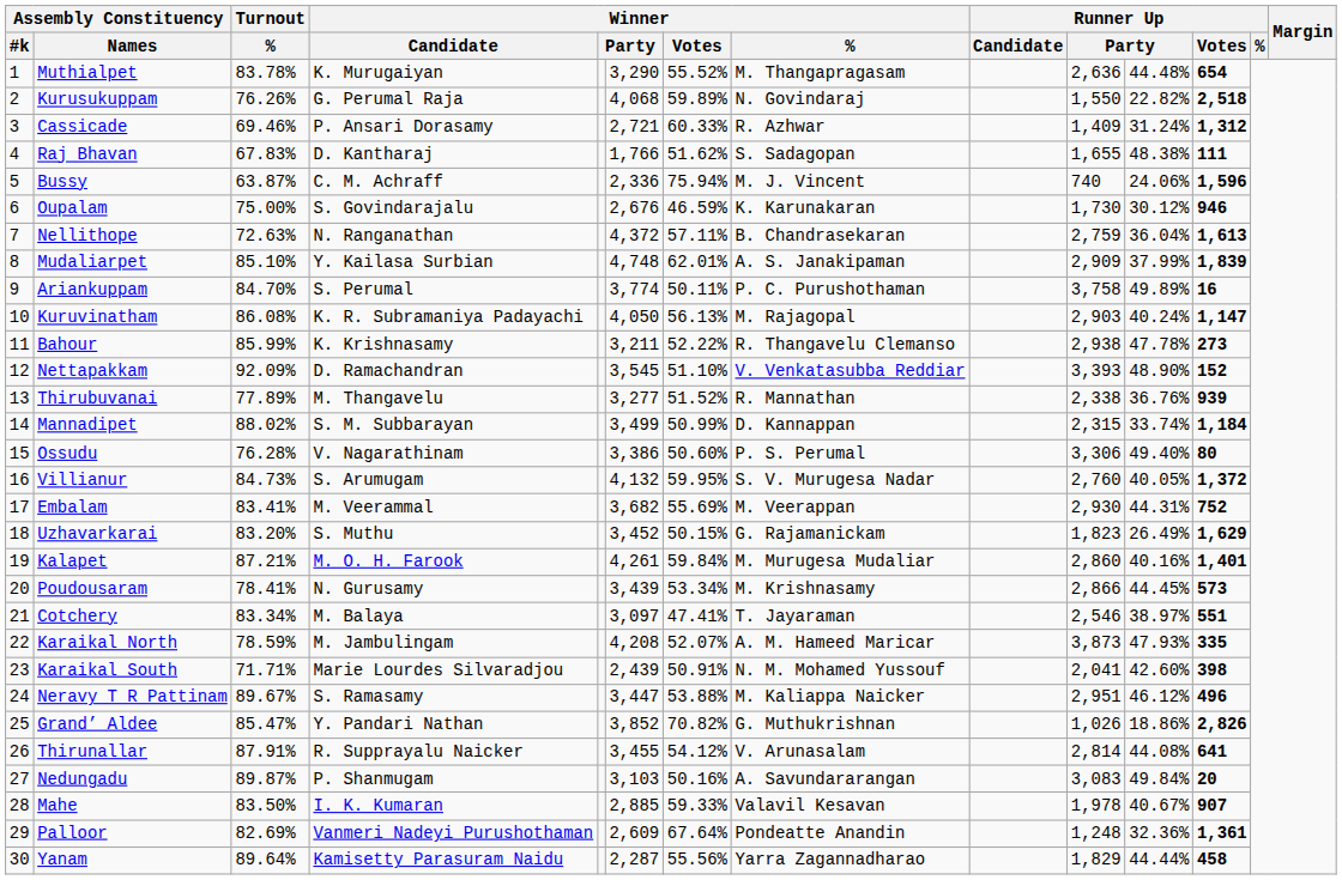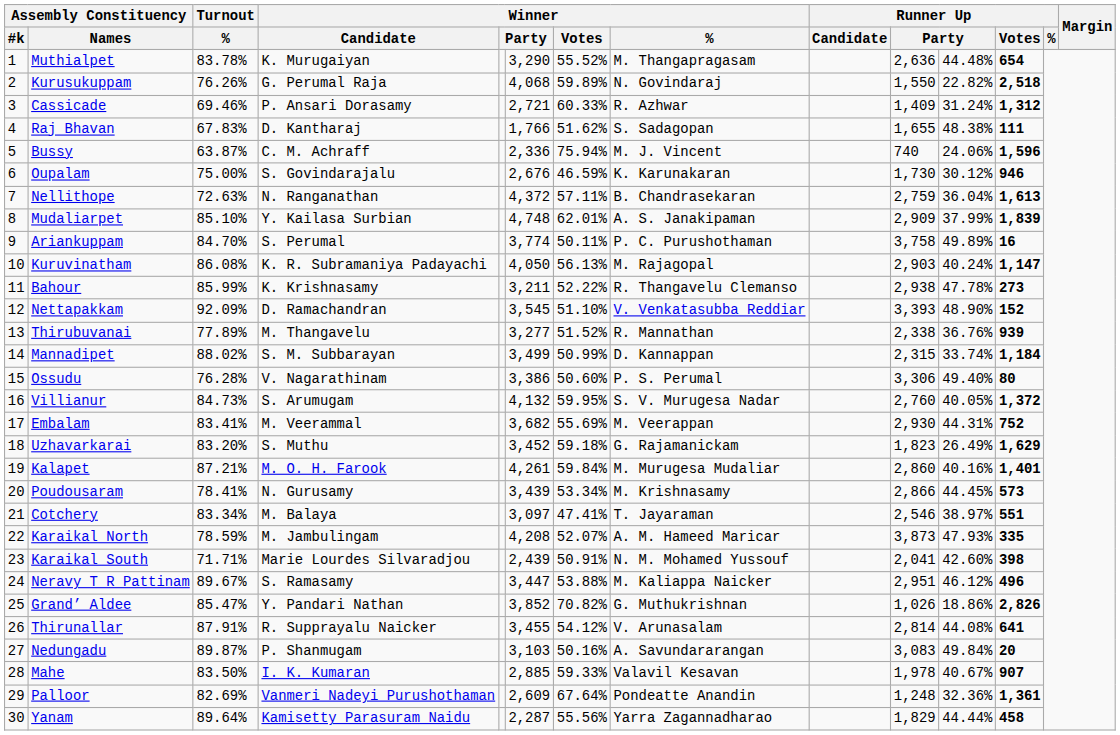 <table class="wikitable sortable">
 <tr>
 <th colspan="2">Assembly Constituency</th>
 <th>Turnout</th>
 <th colspan="5">Winner</th>
 <th colspan="5">Runner Up</th>
 <th rowspan="2" data-sort-type=number>Margin</th>
 </tr>
 <tr>
 <th>#k</th>
 <th>Names</th>
 <th>%</th>
 <th>Candidate</th>
 <th colspan="2">Party</th>
 <th data-sort-type=number>Votes</th>
 <th>%</th>
 <th>Candidate</th>
 <th colspan="2">Party</th>
 <th data-sort-type=number>Votes</th>
 <th>%</th>
 </tr>
 <tr>
 <td>1</td>
 <td><a href='#'>Muthialpet</a></td>
 <td>83.78%</td>
 <td>K. Murugaiyan</td>
 <td></td>
 <td>3,290</td>
 <td>55.52%</td>
 <td>M. Thangapragasam</td>
 <td></td>
 <td>2,636</td>
 <td>44.48%</td>
 <td style="background:"><span><strong>654</strong></span></td>
 </tr>
 <tr>
 <td>2</td>
 <td><a href='#'>Kurusukuppam</a></td>
 <td>76.26%</td>
 <td>G. Perumal Raja</td>
 <td></td>
 <td>4,068</td>
 <td>59.89%</td>
 <td>N. Govindaraj</td>
 <td></td>
 <td>1,550</td>
 <td>22.82%</td>
 <td style="background:"><span><strong>2,518</strong></span></td>
 </tr>
 <tr>
 <td>3</td>
 <td><a href='#'>Cassicade</a></td>
 <td>69.46%</td>
 <td>P. Ansari Dorasamy</td>
 <td></td>
 <td>2,721</td>
 <td>60.33%</td>
 <td>R. Azhwar</td>
 <td></td>
 <td>1,409</td>
 <td>31.24%</td>
 <td style="background:"><span><strong>1,312</strong></span></td>
 </tr>
 <tr>
 <td>4</td>
 <td><a href='#'>Raj Bhavan</a></td>
 <td>67.83%</td>
 <td>D. Kantharaj</td>
 <td></td>
 <td>1,766</td>
 <td>51.62%</td>
 <td>S. Sadagopan</td>
 <td></td>
 <td>1,655</td>
 <td>48.38%</td>
 <td style="background:"><span><strong>111</strong></span></td>
 </tr>
 <tr>
 <td>5</td>
 <td><a href='#'>Bussy</a></td>
 <td>63.87%</td>
 <td>C. M. Achraff</td>
 <td></td>
 <td>2,336</td>
 <td>75.94%</td>
 <td>M. J. Vincent</td>
 <td></td>
 <td>740</td>
 <td>24.06%</td>
 <td style="background:"><span><strong>1,596</strong></span></td>
 </tr>
 <tr>
 <td>6</td>
 <td><a href='#'>Oupalam</a></td>
 <td>75.00%</td>
 <td>S. Govindarajalu</td>
 <td></td>
 <td>2,676</td>
 <td>46.59%</td>
 <td>K. Karunakaran</td>
 <td></td>
 <td>1,730</td>
 <td>30.12%</td>
 <td style="background:"><span><strong>946</strong></span></td>
 </tr>
 <tr>
 <td>7</td>
 <td><a href='#'>Nellithope</a></td>
 <td>72.63%</td>
 <td>N. Ranganathan</td>
 <td></td>
 <td>4,372</td>
 <td>57.11%</td>
 <td>B. Chandrasekaran</td>
 <td></td>
 <td>2,759</td>
 <td>36.04%</td>
 <td style="background:"><span><strong>1,613</strong></span></td>
 </tr>
 <tr>
 <td>8</td>
 <td><a href='#'>Mudaliarpet</a></td>
 <td>85.10%</td>
 <td>Y. Kailasa Surbian</td>
 <td></td>
 <td>4,748</td>
 <td>62.01%</td>
 <td>A. S. Janakipaman</td>
 <td></td>
 <td>2,909</td>
 <td>37.99%</td>
 <td style="background:"><span><strong>1,839</strong></span></td>
 </tr>
 <tr>
 <td>9</td>
 <td><a href='#'>Ariankuppam</a></td>
 <td>84.70%</td>
 <td>S. Perumal</td>
 <td></td>
 <td>3,774</td>
 <td>50.11%</td>
 <td>P. C. Purushothaman</td>
 <td></td>
 <td>3,758</td>
 <td>49.89%</td>
 <td style="background:"><span><strong>16</strong></span></td>
 </tr>
 <tr>
 <td>10</td>
 <td><a href='#'>Kuruvinatham</a></td>
 <td>86.08%</td>
 <td>K. R. Subramaniya Padayachi</td>
 <td></td>
 <td>4,050</td>
 <td>56.13%</td>
 <td>M. Rajagopal</td>
 <td></td>
 <td>2,903</td>
 <td>40.24%</td>
 <td style="background:"><span><strong>1,147</strong></span></td>
 </tr>
 <tr>
 <td>11</td>
 <td><a href='#'>Bahour</a></td>
 <td>85.99%</td>
 <td>K. Krishnasamy</td>
 <td></td>
 <td>3,211</td>
 <td>52.22%</td>
 <td>R. Thangavelu Clemanso</td>
 <td></td>
 <td>2,938</td>
 <td>47.78%</td>
 <td style="background:"><span><strong>273</strong></span></td>
 </tr>
 <tr>
 <td>12</td>
 <td><a href='#'>Nettapakkam</a></td>
 <td>92.09%</td>
 <td>D. Ramachandran</td>
 <td></td>
 <td>3,545</td>
 <td>51.10%</td>
 <td><a href='#'>V. Venkatasubba Reddiar</a></td>
 <td></td>
 <td>3,393</td>
 <td>48.90%</td>
 <td style="background:"><span><strong>152</strong></span></td>
 </tr>
 <tr>
 <td>13</td>
 <td><a href='#'>Thirubuvanai</a></td>
 <td>77.89%</td>
 <td>M. Thangavelu</td>
 <td></td>
 <td>3,277</td>
 <td>51.52%</td>
 <td>R. Mannathan</td>
 <td></td>
 <td>2,338</td>
 <td>36.76%</td>
 <td style="background:"><span><strong>939</strong></span></td>
 </tr>
 <tr>
 <td>14</td>
 <td><a href='#'>Mannadipet</a></td>
 <td>88.02%</td>
 <td>S. M. Subbarayan</td>
 <td></td>
 <td>3,499</td>
 <td>50.99%</td>
 <td>D. Kannappan</td>
 <td></td>
 <td>2,315</td>
 <td>33.74%</td>
 <td style="background:"><span><strong>1,184</strong></span></td>
 </tr>
 <tr>
 <td>15</td>
 <td><a href='#'>Ossudu</a></td>
 <td>76.28%</td>
 <td>V. Nagarathinam</td>
 <td></td>
 <td>3,386</td>
 <td>50.60%</td>
 <td>P. S. Perumal</td>
 <td></td>
 <td>3,306</td>
 <td>49.40%</td>
 <td style="background:"><span><strong>80</strong></span></td>
 </tr>
 <tr>
 <td>16</td>
 <td><a href='#'>Villianur</a></td>
 <td>84.73%</td>
 <td>S. Arumugam</td>
 <td></td>
 <td>4,132</td>
 <td>59.95%</td>
 <td>S. V. Murugesa Nadar</td>
 <td></td>
 <td>2,760</td>
 <td>40.05%</td>
 <td style="background:"><span><strong>1,372</strong></span></td>
 </tr>
 <tr>
 <td>17</td>
 <td><a href='#'>Embalam</a></td>
 <td>83.41%</td>
 <td>M. Veerammal</td>
 <td></td>
 <td>3,682</td>
 <td>55.69%</td>
 <td>M. Veerappan</td>
 <td></td>
 <td>2,930</td>
 <td>44.31%</td>
 <td style="background:"><span><strong>752</strong></span></td>
 </tr>
 <tr>
 <td>18</td>
 <td><a href='#'>Uzhavarkarai</a></td>
 <td>83.20%</td>
 <td>S. Muthu</td>
 <td></td>
 <td>3,452</td>
-<td>50.15%</td>
+<td>59.18%</td>
 <td>G. Rajamanickam</td>
 <td></td>
 <td>1,823</td>
 <td>26.49%</td>
 <td style="background:"><span><strong>1,629</strong></span></td>
 </tr>
 <tr>
 <td>19</td>
 <td><a href='#'>Kalapet</a></td>
 <td>87.21%</td>
 <td><a href='#'>M. O. H. Farook</a></td>
 <td></td>
 <td>4,261</td>
 <td>59.84%</td>
 <td>M. Murugesa Mudaliar</td>
 <td></td>
 <td>2,860</td>
 <td>40.16%</td>
 <td style="background:"><span><strong>1,401</strong></span></td>
 </tr>
 <tr>
 <td>20</td>
 <td><a href='#'>Poudousaram</a></td>
 <td>78.41%</td>
 <td>N. Gurusamy</td>
 <td></td>
 <td>3,439</td>
 <td>53.34%</td>
 <td>M. Krishnasamy</td>
 <td></td>
 <td>2,866</td>
 <td>44.45%</td>
 <td style="background:"><span><strong>573</strong></span></td>
 </tr>
 <tr>
 <td>21</td>
 <td><a href='#'>Cotchery</a></td>
 <td>83.34%</td>
 <td>M. Balaya</td>
 <td></td>
 <td>3,097</td>
 <td>47.41%</td>
 <td>T. Jayaraman</td>
 <td></td>
 <td>2,546</td>
 <td>38.97%</td>
 <td style="background:"><span><strong>551</strong></span></td>
 </tr>
 <tr>
 <td>22</td>
 <td><a href='#'>Karaikal North</a></td>
 <td>78.59%</td>
 <td>M. Jambulingam</td>
 <td></td>
 <td>4,208</td>
 <td>52.07%</td>
 <td>A. M. Hameed Maricar</td>
 <td></td>
 <td>3,873</td>
 <td>47.93%</td>
 <td style="background:"><span><strong>335</strong></span></td>
 </tr>
 <tr>
 <td>23</td>
 <td><a href='#'>Karaikal South</a></td>
 <td>71.71%</td>
 <td>Marie Lourdes Silvaradjou</td>
 <td></td>
 <td>2,439</td>
 <td>50.91%</td>
 <td>N. M. Mohamed Yussouf</td>
 <td></td>
 <td>2,041</td>
 <td>42.60%</td>
 <td style="background:"><span><strong>398</strong></span></td>
 </tr>
 <tr>
 <td>24</td>
 <td><a href='#'>Neravy T R Pattinam</a></td>
 <td>89.67%</td>
 <td>S. Ramasamy</td>
 <td></td>
 <td>3,447</td>
 <td>53.88%</td>
 <td>M. Kaliappa Naicker</td>
 <td></td>
 <td>2,951</td>
 <td>46.12%</td>
 <td style="background:"><span><strong>496</strong></span></td>
 </tr>
 <tr>
 <td>25</td>
 <td><a href='#'>Grand’ Aldee</a></td>
 <td>85.47%</td>
 <td>Y. Pandari Nathan</td>
 <td></td>
 <td>3,852</td>
 <td>70.82%</td>
 <td>G. Muthukrishnan</td>
 <td></td>
 <td>1,026</td>
 <td>18.86%</td>
 <td style="background:"><span><strong>2,826</strong></span></td>
 </tr>
 <tr>
 <td>26</td>
 <td><a href='#'>Thirunallar</a></td>
 <td>87.91%</td>
 <td>R. Supprayalu Naicker</td>
 <td></td>
 <td>3,455</td>
 <td>54.12%</td>
 <td>V. Arunasalam</td>
 <td></td>
 <td>2,814</td>
 <td>44.08%</td>
 <td style="background:"><span><strong>641</strong></span></td>
 </tr>
 <tr>
 <td>27</td>
 <td><a href='#'>Nedungadu</a></td>
 <td>89.87%</td>
 <td>P. Shanmugam</td>
 <td></td>
 <td>3,103</td>
 <td>50.16%</td>
 <td>A. Savundararangan</td>
 <td></td>
 <td>3,083</td>
 <td>49.84%</td>
 <td style="background:"><span><strong>20</strong></span></td>
 </tr>
 <tr>
 <td>28</td>
 <td><a href='#'>Mahe</a></td>
 <td>83.50%</td>
 <td><a href='#'>I. K. Kumaran</a></td>
 <td></td>
 <td>2,885</td>
 <td>59.33%</td>
 <td>Valavil Kesavan</td>
 <td></td>
 <td>1,978</td>
 <td>40.67%</td>
 <td style="background:"><span><strong>907</strong></span></td>
 </tr>
 <tr>
 <td>29</td>
 <td><a href='#'>Palloor</a></td>
 <td>82.69%</td>
 <td><a href='#'>Vanmeri Nadeyi Purushothaman</a></td>
 <td></td>
 <td>2,609</td>
 <td>67.64%</td>
 <td>Pondeatte Anandin</td>
 <td></td>
 <td>1,248</td>
 <td>32.36%</td>
 <td style="background:"><span><strong>1,361</strong></span></td>
 </tr>
 <tr>
 <td>30</td>
 <td><a href='#'>Yanam</a></td>
 <td>89.64%</td>
 <td><a href='#'>Kamisetty Parasuram Naidu</a></td>
 <td></td>
 <td>2,287</td>
 <td>55.56%</td>
 <td>Yarra Zagannadharao</td>
 <td></td>
 <td>1,829</td>
 <td>44.44%</td>
 <td style="background:"><span><strong>458</strong></span></td>
 </tr>
 </table>
